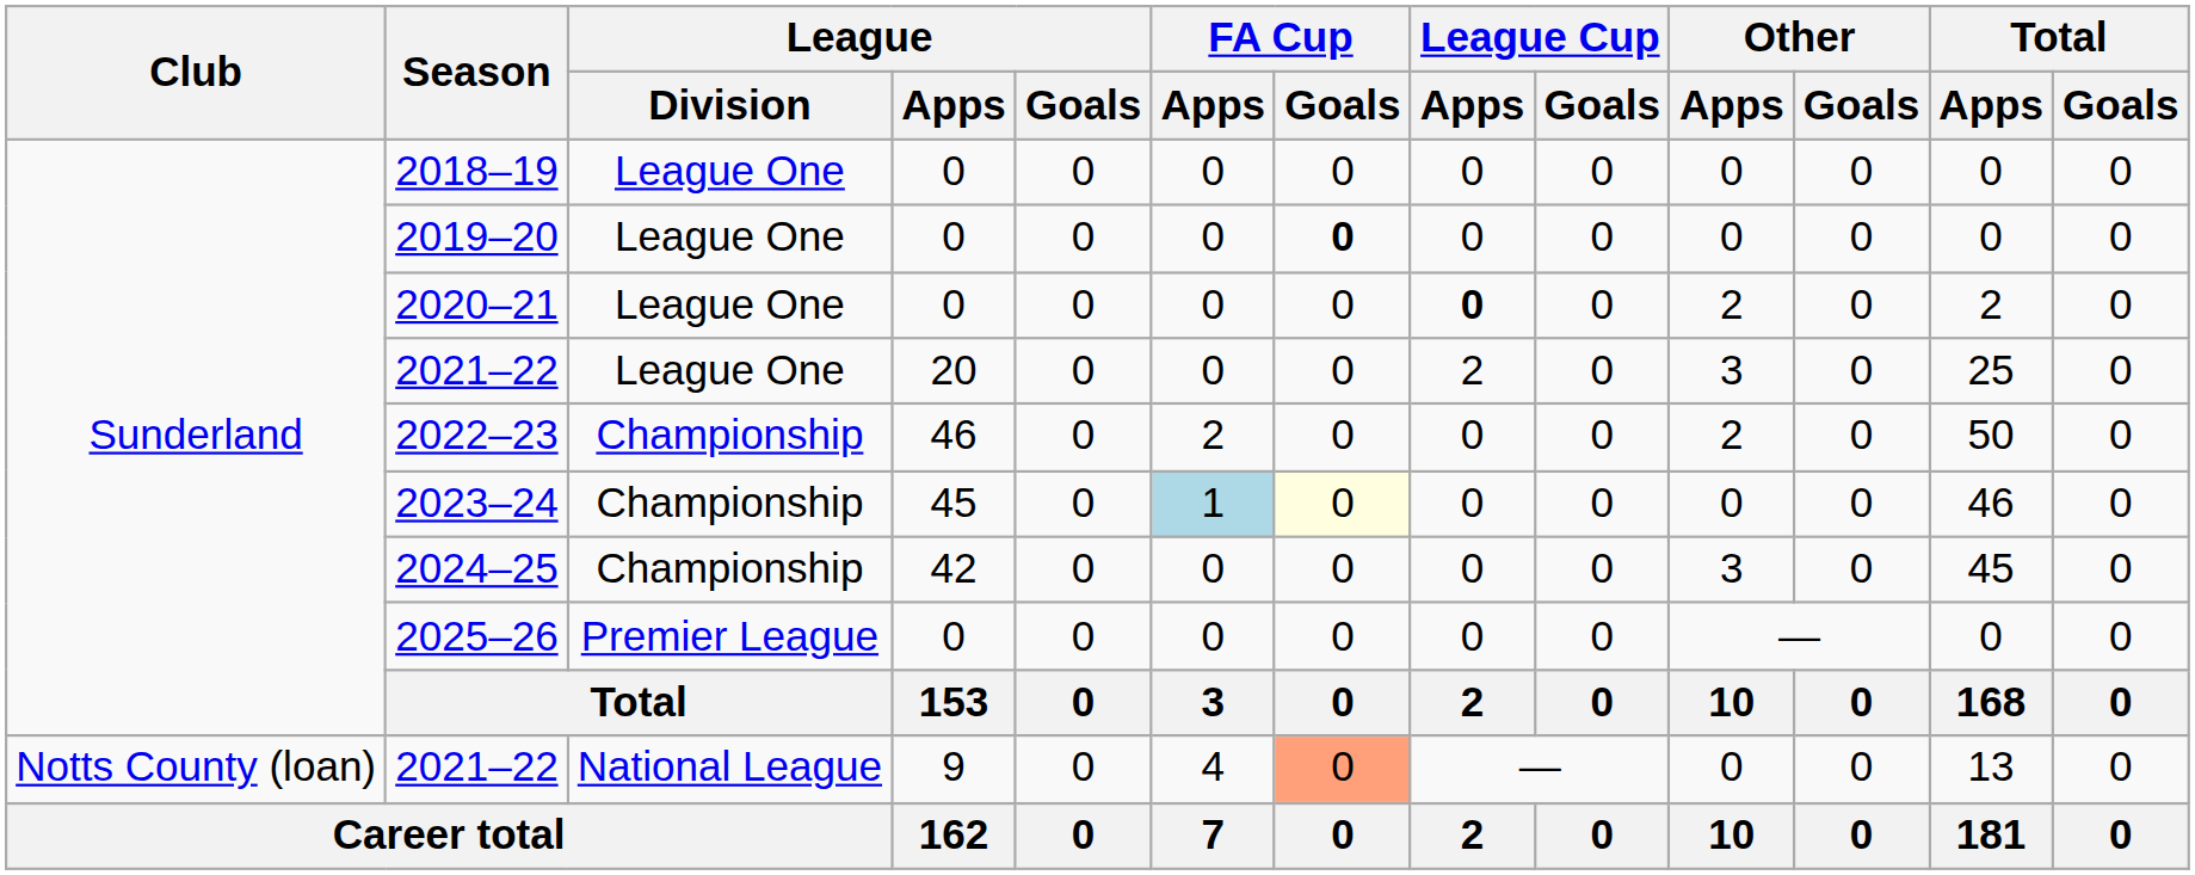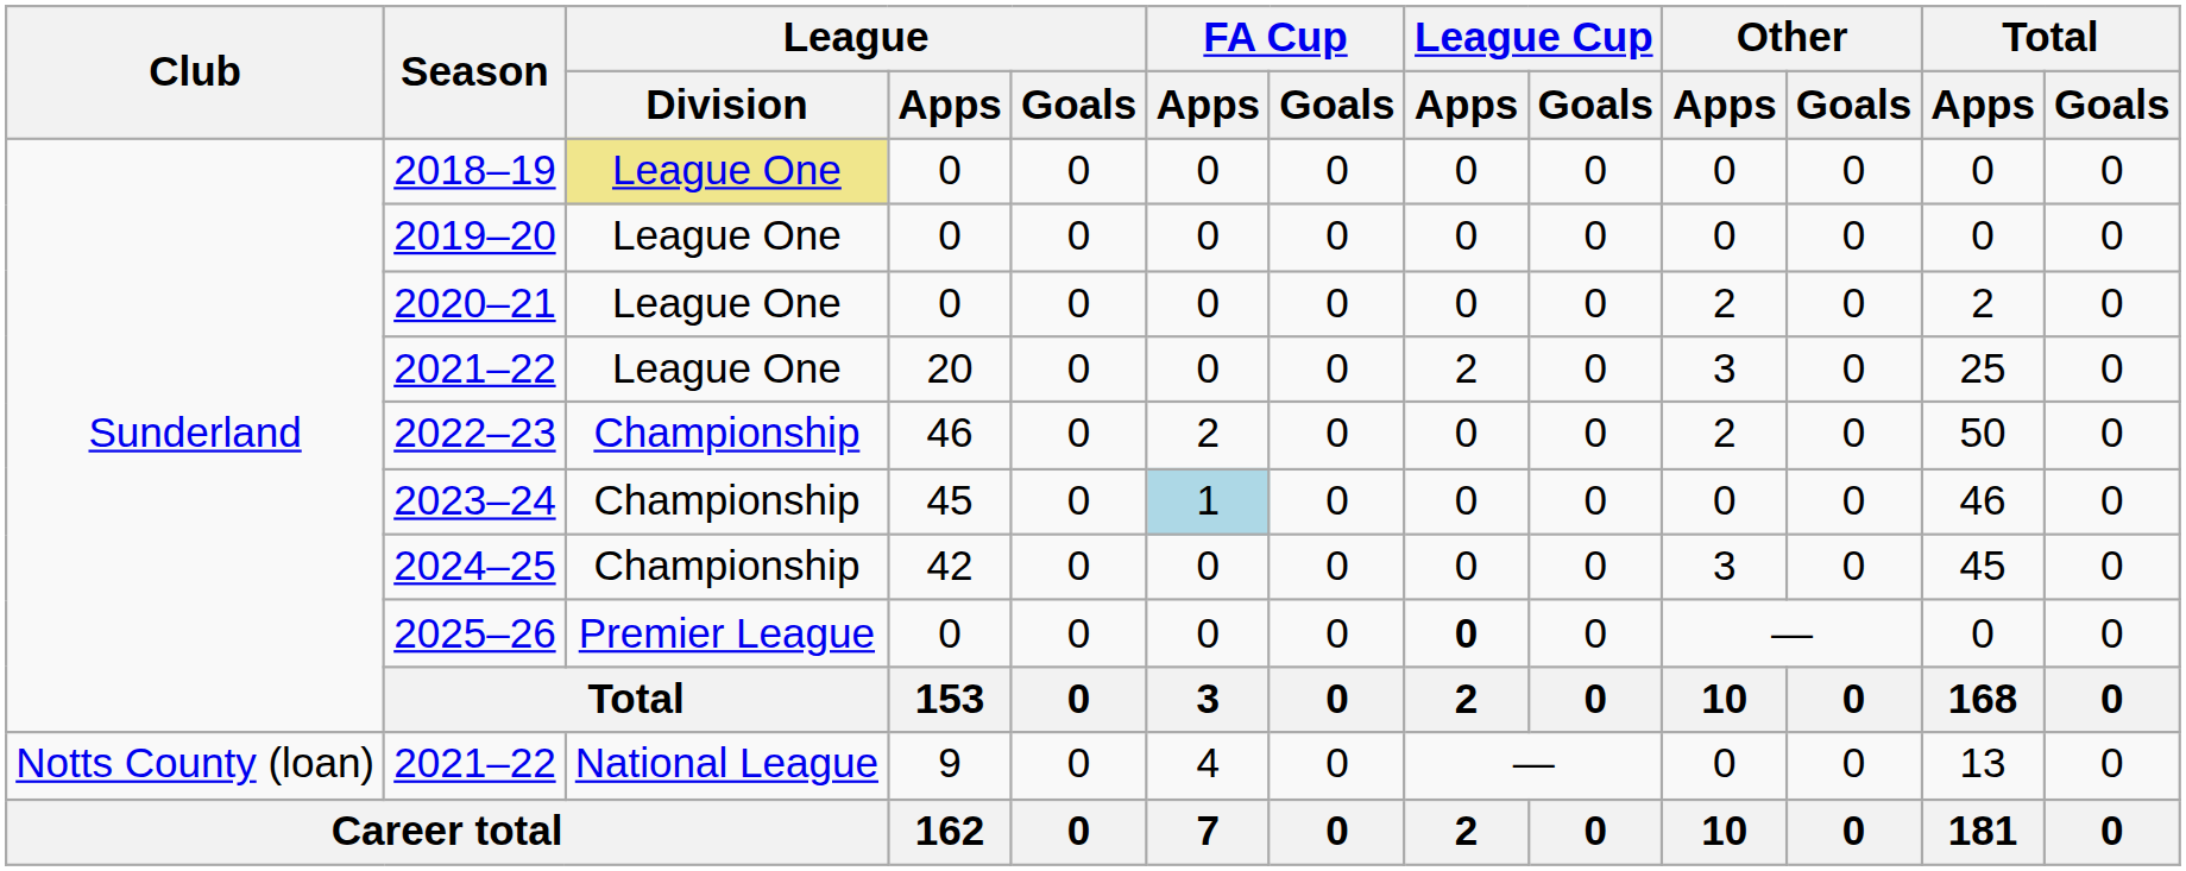 <table class="wikitable" style="text-align: center;">
 <tr>
 <th rowspan="2">Club</th>
 <th rowspan="2">Season</th>
 <th colspan="3">League</th>
 <th colspan="2"><a href='#'>FA Cup</a></th>
 <th colspan="2"><a href='#'>League Cup</a></th>
 <th colspan="2">Other</th>
 <th colspan="2">Total</th>
 </tr>
 <tr>
 <th>Division</th>
 <th>Apps</th>
 <th>Goals</th>
 <th>Apps</th>
 <th>Goals</th>
 <th>Apps</th>
 <th>Goals</th>
 <th>Apps</th>
 <th>Goals</th>
 <th>Apps</th>
 <th>Goals</th>
 </tr>
 <tr>
 <td rowspan="9"><a href='#'>Sunderland</a></td>
 <td><a href='#'>2018–19</a></td>
-<td><a href='#'>League One</a></td>
+<td style="background: khaki;"><a href='#'>League One</a></td>
 <td>0</td>
 <td>0</td>
 <td>0</td>
 <td>0</td>
 <td>0</td>
 <td>0</td>
 <td>0</td>
 <td>0</td>
 <td>0</td>
 <td>0</td>
 </tr>
 <tr>
 <td><a href='#'>2019–20</a></td>
 <td>League One</td>
 <td>0</td>
 <td>0</td>
 <td>0</td>
-<td><strong>0</strong></td>
+<td>0</td>
 <td>0</td>
 <td>0</td>
 <td>0</td>
 <td>0</td>
 <td>0</td>
 <td>0</td>
 </tr>
 <tr>
 <td><a href='#'>2020–21</a></td>
 <td>League One</td>
 <td>0</td>
 <td>0</td>
 <td>0</td>
 <td>0</td>
-<td><strong>0</strong></td>
+<td>0</td>
 <td>0</td>
 <td>2</td>
 <td>0</td>
 <td>2</td>
 <td>0</td>
 </tr>
 <tr>
 <td><a href='#'>2021–22</a></td>
 <td>League One</td>
 <td>20</td>
 <td>0</td>
 <td>0</td>
 <td>0</td>
 <td>2</td>
 <td>0</td>
 <td>3</td>
 <td>0</td>
 <td>25</td>
 <td>0</td>
 </tr>
 <tr>
 <td><a href='#'>2022–23</a></td>
 <td><a href='#'>Championship</a></td>
 <td>46</td>
 <td>0</td>
 <td>2</td>
 <td>0</td>
 <td>0</td>
 <td>0</td>
 <td>2</td>
 <td>0</td>
 <td>50</td>
 <td>0</td>
 </tr>
 <tr>
 <td><a href='#'>2023–24</a></td>
 <td>Championship</td>
 <td>45</td>
 <td>0</td>
 <td style="background: lightblue;">1</td>
-<td style="background: lightyellow;">0</td>
+<td>0</td>
 <td>0</td>
 <td>0</td>
 <td>0</td>
 <td>0</td>
 <td>46</td>
 <td>0</td>
 </tr>
 <tr>
 <td><a href='#'>2024–25</a></td>
 <td>Championship</td>
 <td>42</td>
 <td>0</td>
 <td>0</td>
 <td>0</td>
 <td>0</td>
 <td>0</td>
 <td>3</td>
 <td>0</td>
 <td>45</td>
 <td>0</td>
 </tr>
 <tr>
 <td><a href='#'>2025–26</a></td>
 <td><a href='#'>Premier League</a></td>
 <td>0</td>
 <td>0</td>
 <td>0</td>
 <td>0</td>
-<td>0</td>
+<td><strong>0</strong></td>
 <td>0</td>
 <td colspan="2">—</td>
 <td>0</td>
 <td>0</td>
 </tr>
 <tr>
 <th colspan="2">Total</th>
 <th>153</th>
 <th>0</th>
 <th>3</th>
 <th>0</th>
 <th>2</th>
 <th>0</th>
 <th>10</th>
 <th>0</th>
 <th>168</th>
 <th>0</th>
 </tr>
 <tr>
 <td><a href='#'>Notts County</a> (loan)</td>
 <td><a href='#'>2021–22</a></td>
 <td><a href='#'>National League</a></td>
 <td>9</td>
 <td>0</td>
 <td>4</td>
-<td style="background: lightsalmon;">0</td>
+<td>0</td>
 <td colspan="2">—</td>
 <td>0</td>
 <td>0</td>
 <td>13</td>
 <td>0</td>
 </tr>
 <tr>
 <th colspan="3">Career total</th>
 <th>162</th>
 <th>0</th>
 <th>7</th>
 <th>0</th>
 <th>2</th>
 <th>0</th>
 <th>10</th>
 <th>0</th>
 <th>181</th>
 <th>0</th>
 </tr>
 </table>
